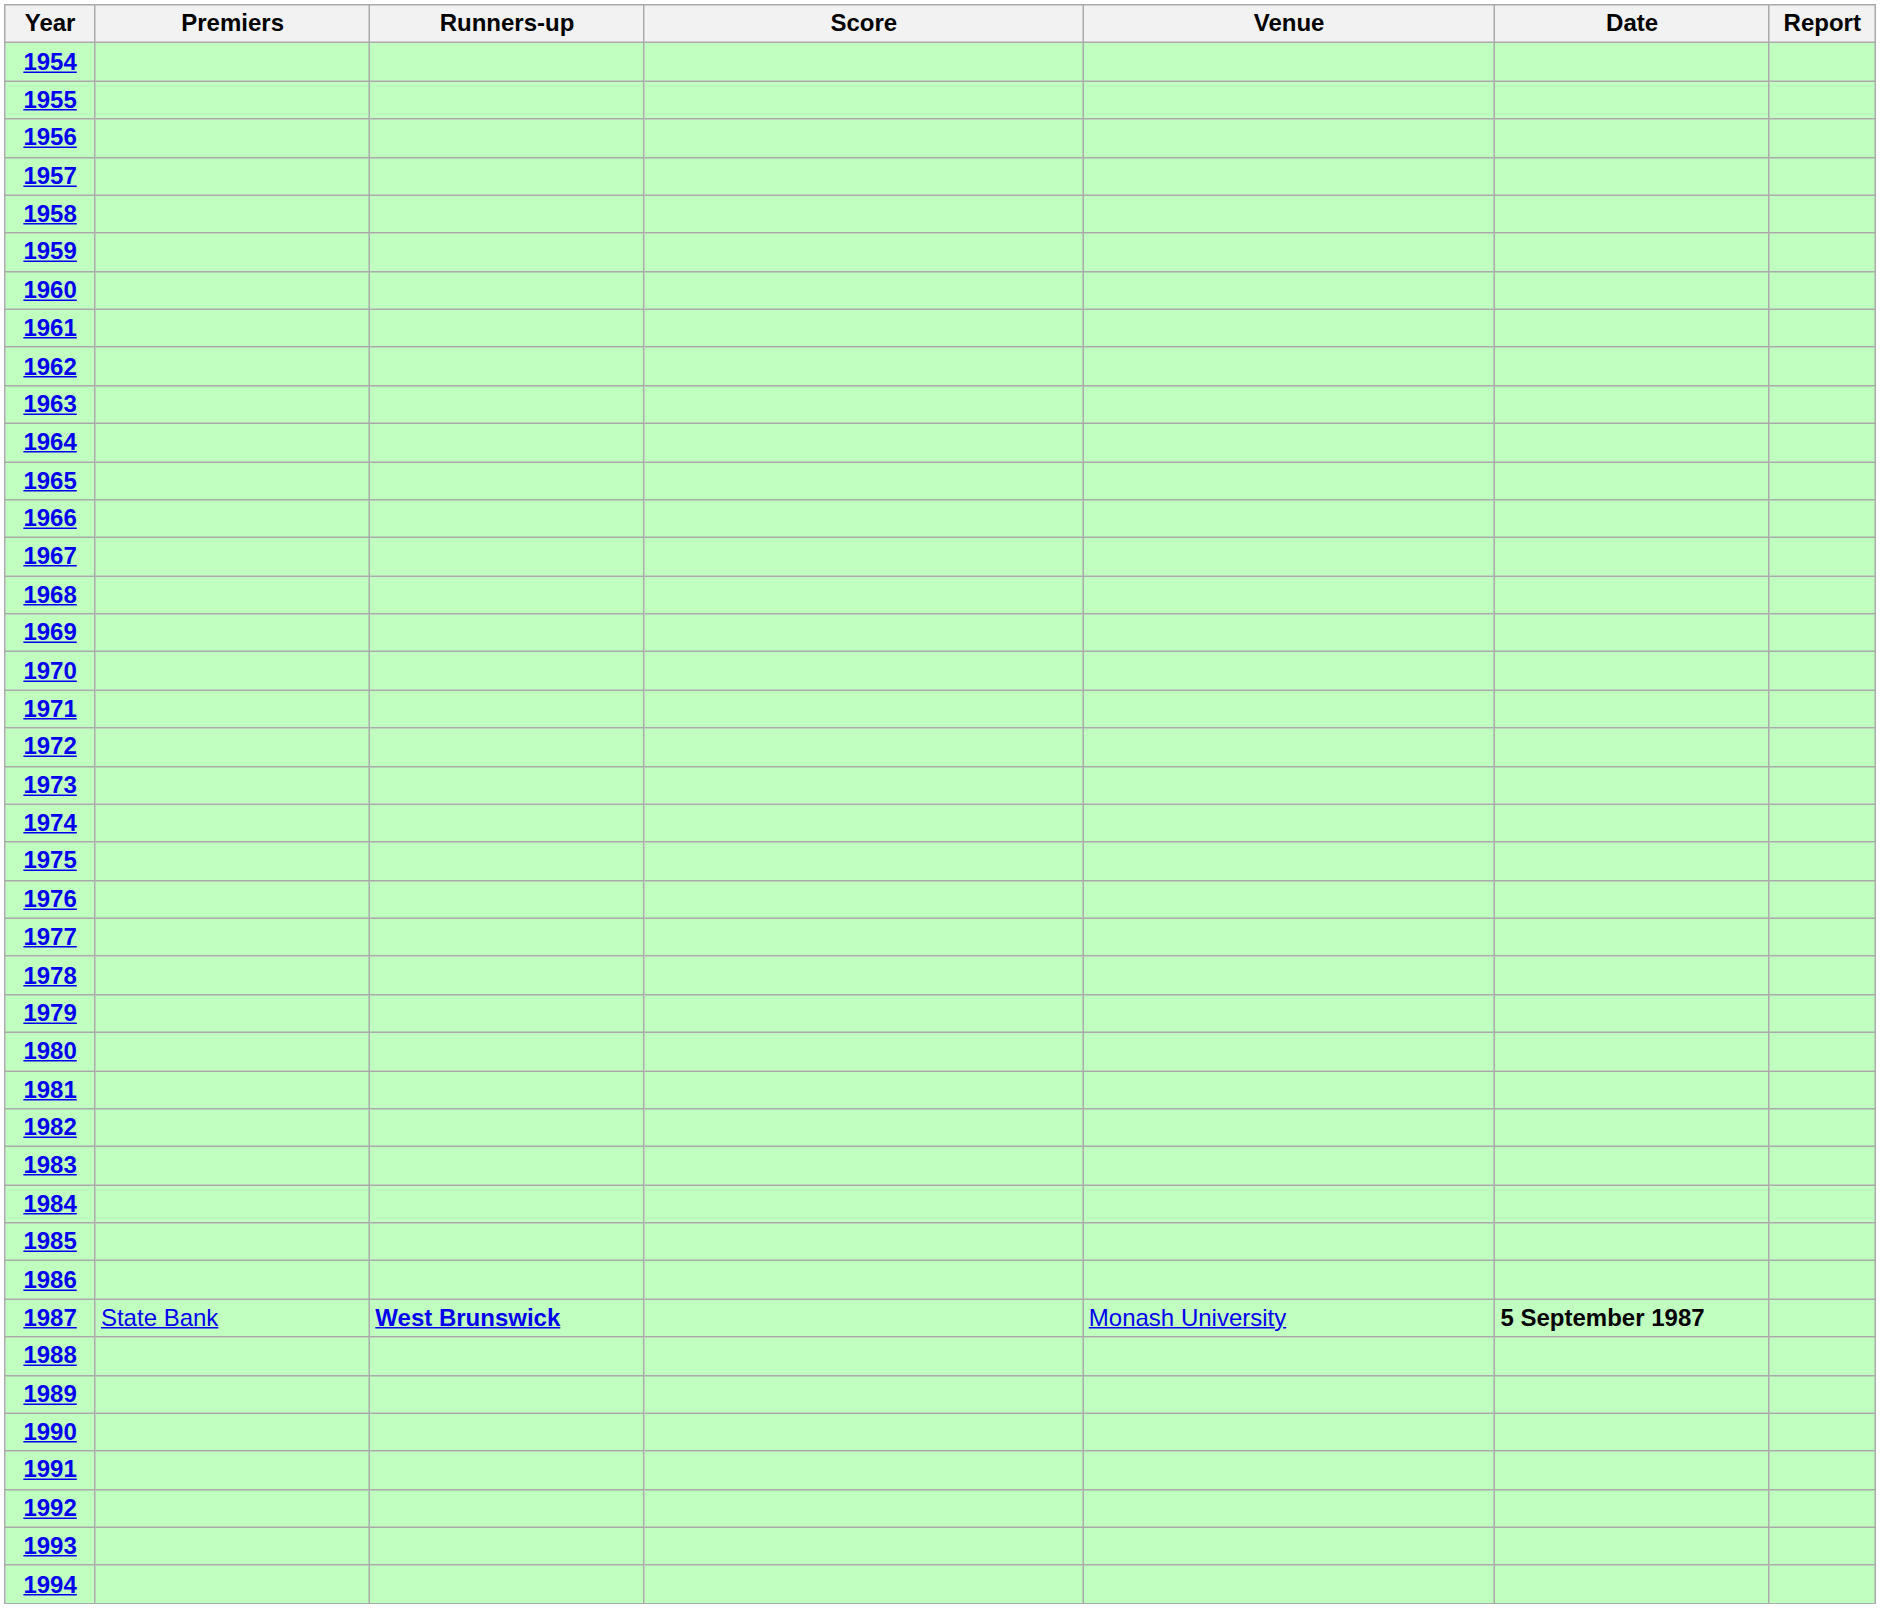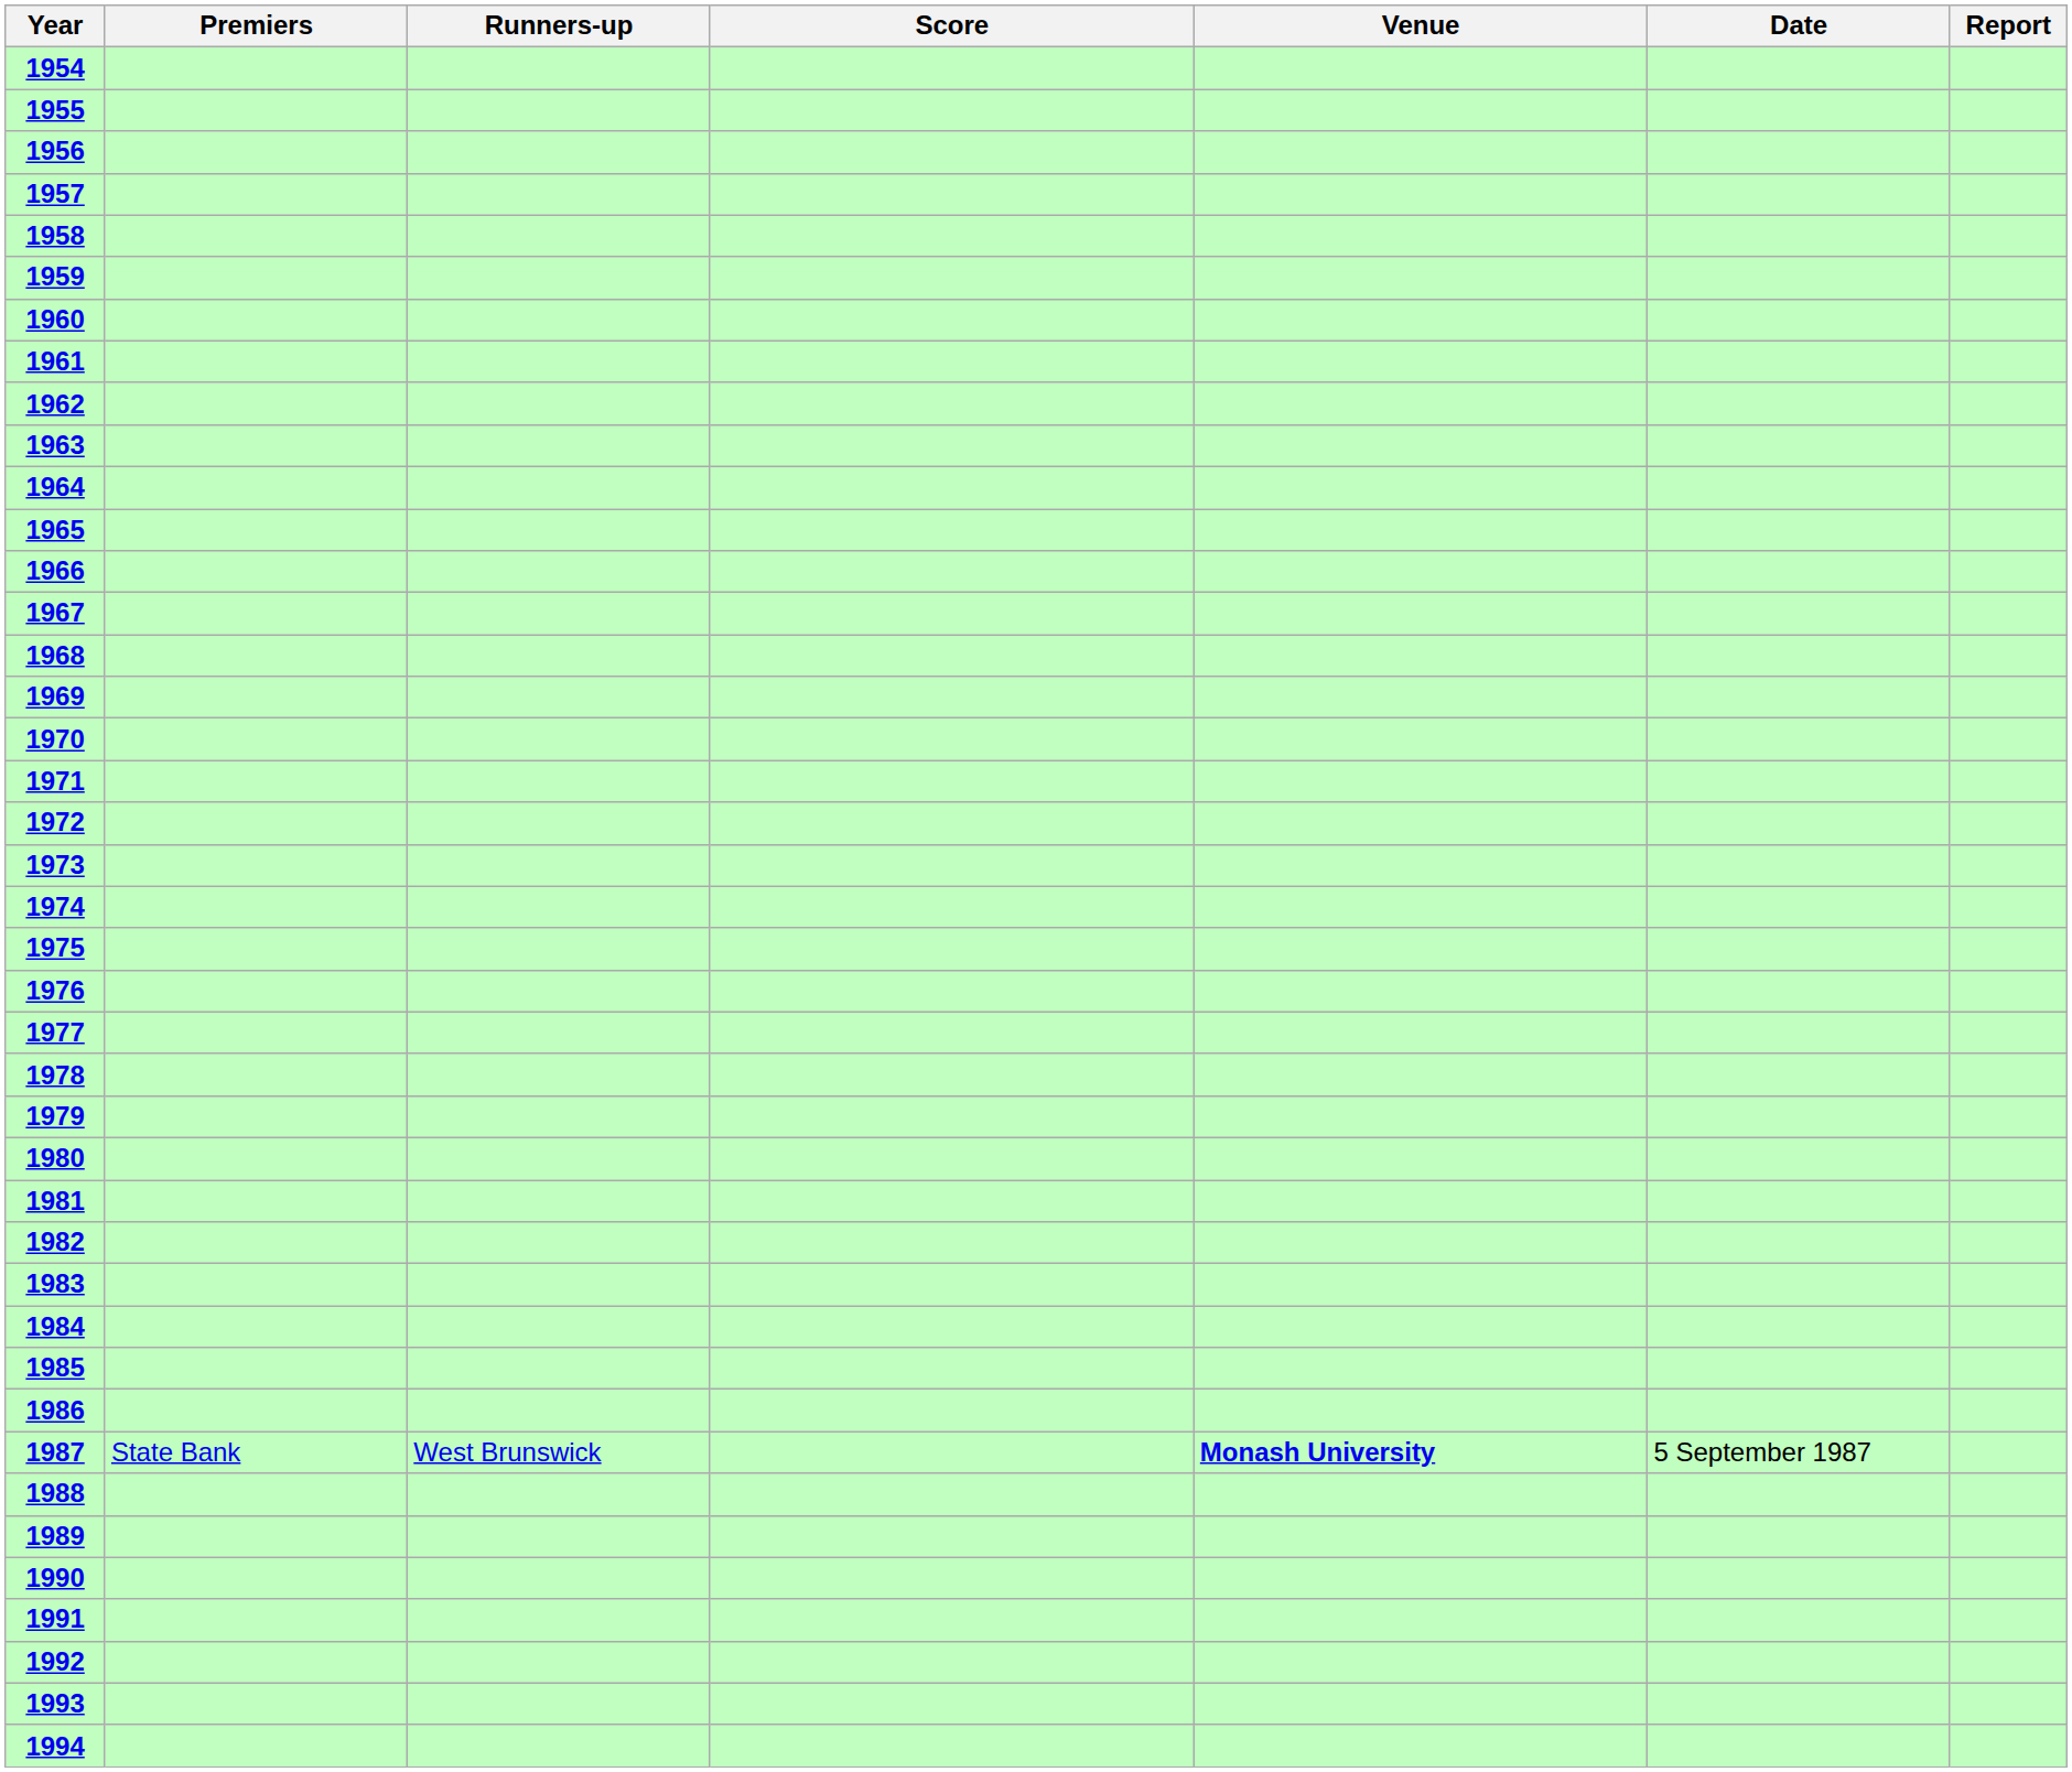 <table class="wikitable sortable" style="text-align:left; text-valign:center">
 <tr>
 <th width=3%>Year</th>
 <th width=10%>Premiers</th>
 <th width=10%>Runners-up</th>
 <th width=16%>Score</th>
 <th width=15%>Venue</th>
 <th width=10%; class=unsortable>Date</th>
 <th width=2%; class=unsortable>Report</th>
 </tr>
 <tr style="background:#C0FFC0;">
 <td align="center"><strong><a href='#'>1954</a></strong></td>
 <td></td>
 <td></td>
 <td align=center></td>
 <td></td>
 <td></td>
 <td align=center></td>
 </tr>
 <tr style="background:#C0FFC0;">
 <td align="center"><strong><a href='#'>1955</a></strong></td>
 <td></td>
 <td></td>
 <td align=center></td>
 <td></td>
 <td></td>
 <td align=center></td>
 </tr>
 <tr style="background:#C0FFC0;">
 <td align="center"><strong><a href='#'>1956</a></strong></td>
 <td></td>
 <td></td>
 <td align=center></td>
 <td></td>
 <td></td>
 <td align=center></td>
 </tr>
 <tr style="background:#C0FFC0;">
 <td align="center"><strong><a href='#'>1957</a></strong></td>
 <td></td>
 <td></td>
 <td align=center></td>
 <td></td>
 <td></td>
 <td align=center></td>
 </tr>
 <tr style="background:#C0FFC0;">
 <td align="center"><strong><a href='#'>1958</a></strong></td>
 <td></td>
 <td></td>
 <td align=center></td>
 <td></td>
 <td></td>
 <td align=center></td>
 </tr>
 <tr style="background:#C0FFC0;">
 <td align="center"><strong><a href='#'>1959</a></strong></td>
 <td></td>
 <td></td>
 <td align=center></td>
 <td></td>
 <td></td>
 <td align=center></td>
 </tr>
 <tr style="background:#C0FFC0;">
 <td align="center"><strong><a href='#'>1960</a></strong></td>
 <td></td>
 <td></td>
 <td align=center></td>
 <td></td>
 <td></td>
 <td align=center></td>
 </tr>
 <tr style="background:#C0FFC0;">
 <td align="center"><strong><a href='#'>1961</a></strong></td>
 <td></td>
 <td></td>
 <td align=center></td>
 <td></td>
 <td></td>
 <td align=center></td>
 </tr>
 <tr style="background:#C0FFC0;">
 <td align="center"><strong><a href='#'>1962</a></strong></td>
 <td></td>
 <td></td>
 <td align=center></td>
 <td></td>
 <td></td>
 <td align=center></td>
 </tr>
 <tr style="background:#C0FFC0;">
 <td align="center"><strong><a href='#'>1963</a></strong></td>
 <td></td>
 <td></td>
 <td align=center></td>
 <td></td>
 <td></td>
 <td align=center></td>
 </tr>
 <tr style="background:#C0FFC0;">
 <td align="center"><strong><a href='#'>1964</a></strong></td>
 <td></td>
 <td></td>
 <td align=center></td>
 <td></td>
 <td></td>
 <td align=center></td>
 </tr>
 <tr style="background:#C0FFC0;">
 <td align="center"><strong><a href='#'>1965</a></strong></td>
 <td></td>
 <td></td>
 <td align=center></td>
 <td></td>
 <td></td>
 <td align=center></td>
 </tr>
 <tr style="background:#C0FFC0;">
 <td align="center"><strong><a href='#'>1966</a></strong></td>
 <td></td>
 <td></td>
 <td align=center></td>
 <td></td>
 <td></td>
 <td align=center></td>
 </tr>
 <tr style="background:#C0FFC0;">
 <td align="center"><strong><a href='#'>1967</a></strong></td>
 <td></td>
 <td></td>
 <td align=center></td>
 <td></td>
 <td></td>
 <td align=center></td>
 </tr>
 <tr style="background:#C0FFC0;">
 <td align="center"><strong><a href='#'>1968</a></strong></td>
 <td></td>
 <td></td>
 <td align=center></td>
 <td></td>
 <td></td>
 <td align=center></td>
 </tr>
 <tr style="background:#C0FFC0;">
 <td align="center"><strong><a href='#'>1969</a></strong></td>
 <td></td>
 <td></td>
 <td align=center></td>
 <td></td>
 <td></td>
 <td align=center></td>
 </tr>
 <tr style="background:#C0FFC0;">
 <td align="center"><strong><a href='#'>1970</a></strong></td>
 <td></td>
 <td></td>
 <td align=center></td>
 <td></td>
 <td></td>
 <td align=center></td>
 </tr>
 <tr style="background:#C0FFC0;">
 <td align="center"><strong><a href='#'>1971</a></strong></td>
 <td></td>
 <td></td>
 <td align=center></td>
 <td></td>
 <td></td>
 <td align=center></td>
 </tr>
 <tr style="background:#C0FFC0;">
 <td align="center"><strong><a href='#'>1972</a></strong></td>
 <td></td>
 <td></td>
 <td align=center></td>
 <td></td>
 <td></td>
 <td align=center></td>
 </tr>
 <tr style="background:#C0FFC0;">
 <td align="center"><strong><a href='#'>1973</a></strong></td>
 <td></td>
 <td></td>
 <td align=center></td>
 <td></td>
 <td></td>
 <td align=center></td>
 </tr>
 <tr style="background:#C0FFC0;">
 <td align="center"><strong><a href='#'>1974</a></strong></td>
 <td></td>
 <td></td>
 <td align=center></td>
 <td></td>
 <td></td>
 <td align=center></td>
 </tr>
 <tr style="background:#C0FFC0;">
 <td align="center"><strong><a href='#'>1975</a></strong></td>
 <td></td>
 <td></td>
 <td align=center></td>
 <td></td>
 <td></td>
 <td align=center></td>
 </tr>
 <tr style="background:#C0FFC0;">
 <td align="center"><strong><a href='#'>1976</a></strong></td>
 <td></td>
 <td></td>
 <td align=center></td>
 <td></td>
 <td></td>
 <td align=center></td>
 </tr>
 <tr style="background:#C0FFC0;">
 <td align="center"><strong><a href='#'>1977</a></strong></td>
 <td></td>
 <td></td>
 <td align=center></td>
 <td></td>
 <td></td>
 <td align=center></td>
 </tr>
 <tr style="background:#C0FFC0;">
 <td align="center"><strong><a href='#'>1978</a></strong></td>
 <td></td>
 <td></td>
 <td align=center></td>
 <td></td>
 <td></td>
 <td align=center></td>
 </tr>
 <tr style="background:#C0FFC0;">
 <td align="center"><strong><a href='#'>1979</a></strong></td>
 <td></td>
 <td></td>
 <td align=center></td>
 <td></td>
 <td></td>
 <td align=center></td>
 </tr>
 <tr style="background:#C0FFC0;">
 <td align="center"><strong><a href='#'>1980</a></strong></td>
 <td></td>
 <td></td>
 <td align=center></td>
 <td></td>
 <td></td>
 <td align=center></td>
 </tr>
 <tr style="background:#C0FFC0;">
 <td align="center"><strong><a href='#'>1981</a></strong></td>
 <td></td>
 <td></td>
 <td align=center></td>
 <td></td>
 <td></td>
 <td align=center></td>
 </tr>
 <tr style="background:#C0FFC0;">
 <td align="center"><strong><a href='#'>1982</a></strong></td>
 <td></td>
 <td></td>
 <td align=center></td>
 <td></td>
 <td></td>
 <td align=center></td>
 </tr>
 <tr style="background:#C0FFC0;">
 <td align="center"><strong><a href='#'>1983</a></strong></td>
 <td></td>
 <td></td>
 <td align=center></td>
 <td></td>
 <td></td>
 <td align=center></td>
 </tr>
 <tr style="background:#C0FFC0;">
 <td align="center"><strong><a href='#'>1984</a></strong></td>
 <td></td>
 <td></td>
 <td align=center></td>
 <td></td>
 <td></td>
 <td align=center></td>
 </tr>
 <tr style="background:#C0FFC0;">
 <td align="center"><strong><a href='#'>1985</a></strong></td>
 <td></td>
 <td></td>
 <td align=center></td>
 <td></td>
 <td></td>
 <td align=center></td>
 </tr>
 <tr style="background:#C0FFC0;">
 <td align="center"><strong><a href='#'>1986</a></strong></td>
 <td></td>
 <td></td>
 <td align=center></td>
 <td></td>
 <td></td>
 <td align=center></td>
 </tr>
 <tr style="background:#C0FFC0;">
 <td align="center"><strong><a href='#'>1987</a></strong></td>
 <td><a href='#'>State Bank</a></td>
-<td><strong><a href='#'>West Brunswick</a></strong></td>
+<td><a href='#'>West Brunswick</a></td>
 <td align=center></td>
-<td><a href='#'>Monash University</a></td>
-<td><strong>5 September 1987</strong></td>
+<td><strong><a href='#'>Monash University</a></strong></td>
+<td>5 September 1987</td>
 <td align=center></td>
 </tr>
 <tr style="background:#C0FFC0;">
 <td align="center"><strong><a href='#'>1988</a></strong></td>
 <td></td>
 <td></td>
 <td align=center></td>
 <td></td>
 <td></td>
 <td align=center></td>
 </tr>
 <tr style="background:#C0FFC0;">
 <td align="center"><strong><a href='#'>1989</a></strong></td>
 <td></td>
 <td></td>
 <td align=center></td>
 <td></td>
 <td></td>
 <td align=center></td>
 </tr>
 <tr style="background:#C0FFC0;">
 <td align="center"><strong><a href='#'>1990</a></strong></td>
 <td></td>
 <td></td>
 <td align=center></td>
 <td></td>
 <td></td>
 <td align=center></td>
 </tr>
 <tr style="background:#C0FFC0;">
 <td align="center"><strong><a href='#'>1991</a></strong></td>
 <td></td>
 <td></td>
 <td align=center></td>
 <td></td>
 <td></td>
 <td align=center></td>
 </tr>
 <tr style="background:#C0FFC0;">
 <td align="center"><strong><a href='#'>1992</a></strong></td>
 <td></td>
 <td></td>
 <td align=center></td>
 <td></td>
 <td></td>
 <td align=center></td>
 </tr>
 <tr style="background:#C0FFC0;">
 <td align="center"><strong><a href='#'>1993</a></strong></td>
 <td></td>
 <td></td>
 <td align=center></td>
 <td></td>
 <td></td>
 <td align=center></td>
 </tr>
 <tr style="background:#C0FFC0;">
 <td align="center"><strong><a href='#'>1994</a></strong></td>
 <td></td>
 <td></td>
 <td align=center></td>
 <td></td>
 <td></td>
 <td align=center></td>
 </tr>
 </table>
